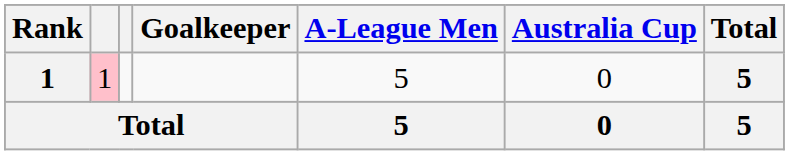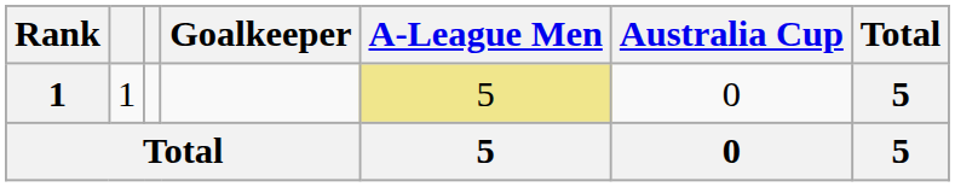 <table class="wikitable" style="text-align:center">
 <tr>
 <th>Rank</th>
 <th></th>
 <th></th>
 <th>Goalkeeper</th>
 <th><a href='#'>A-League Men</a></th>
 <th><a href='#'>Australia Cup</a></th>
 <th>Total</th>
 </tr>
 <tr>
 <th>1</th>
-<td style="background: pink;">1</td>
+<td>1</td>
 <td></td>
 <td align="left"></td>
-<td>5</td>
+<td style="background: khaki;">5</td>
 <td>0</td>
 <th>5</th>
 </tr>
 <tr>
 <th colspan="4">Total</th>
 <th>5</th>
 <th>0</th>
 <th>5</th>
 </tr>
 </table>
